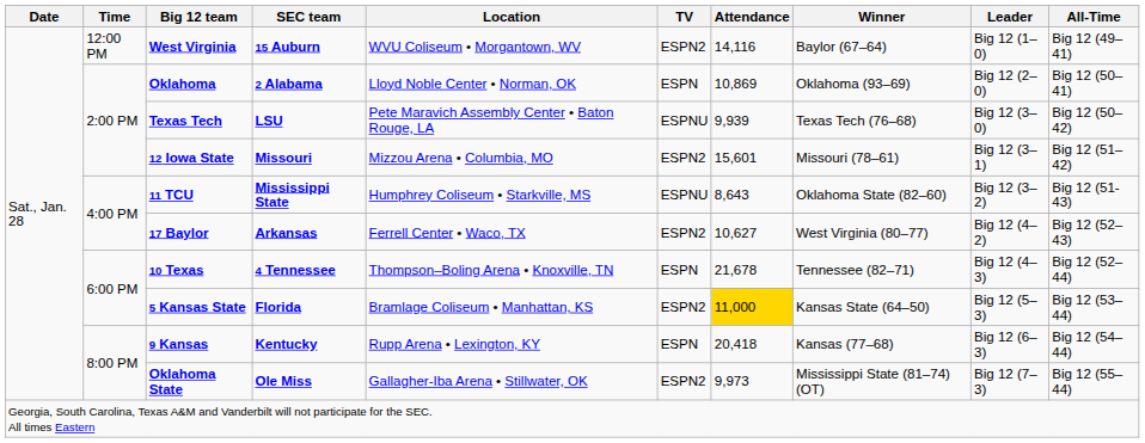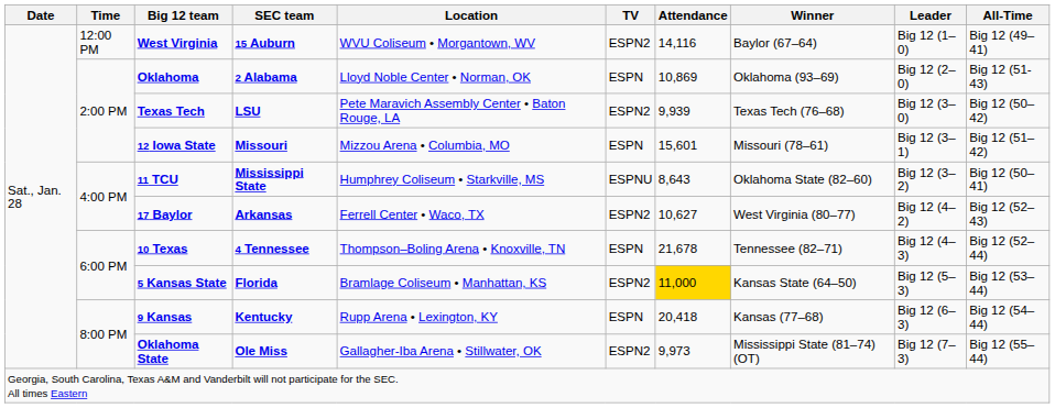 <table class="wikitable" style="font-size: 95%">
 <tr style="text-align:center;">
 <th>Date</th>
 <th>Time</th>
 <th>Big 12 team</th>
 <th>SEC team</th>
 <th>Location</th>
 <th>TV</th>
 <th>Attendance</th>
 <th>Winner</th>
 <th>Leader</th>
 <th>All-Time</th>
 </tr>
 <tr>
 <td rowspan=10>Sat., Jan. 28</td>
 <td>12:00 PM</td>
 <td><strong><a href='#'><span>West Virginia</span></a></strong></td>
 <td><strong><a href='#'><span><small>15</small> Auburn</span></a></strong></td>
 <td><a href='#'>WVU Coliseum</a> • <a href='#'>Morgantown, WV</a></td>
 <td>ESPN2</td>
 <td>14,116</td>
 <td>Baylor (67–64)</td>
 <td>Big 12 (1–0)</td>
 <td>Big 12 (49–41)</td>
 </tr>
 <tr>
 <td rowspan="3">2:00 PM</td>
 <td><strong><a href='#'><span>Oklahoma</span></a></strong></td>
 <td><strong><a href='#'><span><small>2</small> Alabama</span></a></strong></td>
 <td><a href='#'>Lloyd Noble Center</a> • <a href='#'>Norman, OK</a></td>
 <td>ESPN</td>
 <td>10,869</td>
 <td>Oklahoma (93–69)</td>
 <td>Big 12 (2–0)</td>
-<td>Big 12 (50–41)</td>
+<td>Big 12 (51-43)</td>
 </tr>
 <tr>
 <td><strong><a href='#'><span>Texas Tech</span></a></strong></td>
 <td><strong><a href='#'><span>LSU</span></a></strong></td>
 <td><a href='#'>Pete Maravich Assembly Center</a> • <a href='#'>Baton Rouge, LA</a></td>
-<td>ESPNU</td>
+<td>ESPN2</td>
 <td>9,939</td>
 <td>Texas Tech (76–68)</td>
 <td>Big 12 (3–0)</td>
 <td>Big 12 (50–42)</td>
 </tr>
 <tr>
 <td><strong><a href='#'><span><small>12</small> Iowa State</span></a></strong></td>
 <td><strong><a href='#'><span>Missouri</span></a></strong></td>
 <td><a href='#'>Mizzou Arena</a> • <a href='#'>Columbia, MO</a></td>
-<td>ESPN2</td>
+<td>ESPN</td>
 <td>15,601</td>
 <td>Missouri (78–61)</td>
 <td>Big 12 (3–1)</td>
 <td>Big 12 (51–42)</td>
 </tr>
 <tr>
 <td rowspan="2">4:00 PM</td>
 <td><strong><a href='#'><span><small>11</small> TCU</span></a></strong></td>
 <td><strong><a href='#'><span>Mississippi State</span></a></strong></td>
 <td><a href='#'>Humphrey Coliseum</a> • <a href='#'>Starkville, MS</a></td>
 <td>ESPNU</td>
 <td>8,643</td>
 <td>Oklahoma State (82–60)</td>
 <td>Big 12 (3–2)</td>
-<td>Big 12 (51-43)</td>
+<td>Big 12 (50–41)</td>
 </tr>
 <tr>
 <td><strong><a href='#'><span><small>17</small> Baylor</span></a></strong></td>
 <td><strong><a href='#'><span>Arkansas</span></a></strong></td>
 <td><a href='#'>Ferrell Center</a> • <a href='#'>Waco, TX</a></td>
 <td>ESPN2</td>
 <td>10,627</td>
 <td>West Virginia (80–77)</td>
 <td>Big 12 (4–2)</td>
 <td>Big 12 (52–43)</td>
 </tr>
 <tr>
 <td rowspan="2">6:00 PM</td>
 <td><strong><a href='#'><span><small>10</small> Texas</span></a></strong></td>
 <td><strong><a href='#'><span><small>4</small> Tennessee</span></a></strong></td>
 <td><a href='#'>Thompson–Boling Arena</a> • <a href='#'>Knoxville, TN</a></td>
 <td>ESPN</td>
 <td>21,678</td>
 <td>Tennessee (82–71)</td>
 <td>Big 12 (4–3)</td>
 <td>Big 12 (52–44)</td>
 </tr>
 <tr>
 <td><strong><a href='#'><span><small>5</small> Kansas State</span></a></strong></td>
 <td><strong><a href='#'><span>Florida</span></a></strong></td>
 <td><a href='#'>Bramlage Coliseum</a> • <a href='#'>Manhattan, KS</a></td>
 <td>ESPN2</td>
 <td style="background: gold;">11,000</td>
 <td>Kansas State (64–50)</td>
 <td>Big 12 (5–3)</td>
 <td>Big 12 (53–44)</td>
 </tr>
 <tr>
 <td rowspan="2">8:00 PM</td>
 <td><strong><a href='#'><span><small>9</small> Kansas</span></a></strong></td>
 <td><strong><a href='#'><span>Kentucky</span></a></strong></td>
 <td><a href='#'>Rupp Arena</a> • <a href='#'>Lexington, KY</a></td>
 <td>ESPN</td>
 <td>20,418</td>
 <td>Kansas (77–68)</td>
 <td>Big 12 (6–3)</td>
 <td>Big 12 (54–44)</td>
 </tr>
 <tr>
 <td><strong><a href='#'><span>Oklahoma State</span></a></strong></td>
 <td><strong><a href='#'><span>Ole Miss</span></a></strong></td>
 <td><a href='#'>Gallagher-Iba Arena</a> • <a href='#'>Stillwater, OK</a></td>
 <td>ESPN2</td>
 <td>9,973</td>
 <td>Mississippi State (81–74) (OT)</td>
 <td>Big 12 (7–3)</td>
 <td>Big 12 (55–44)</td>
 </tr>
 <tr>
 <td colspan="11"><small>Georgia, South Carolina, Texas A&M and Vanderbilt will not participate for the SEC.<br>All times <a href='#'>Eastern</a></small></td>
 </tr>
 </table>
